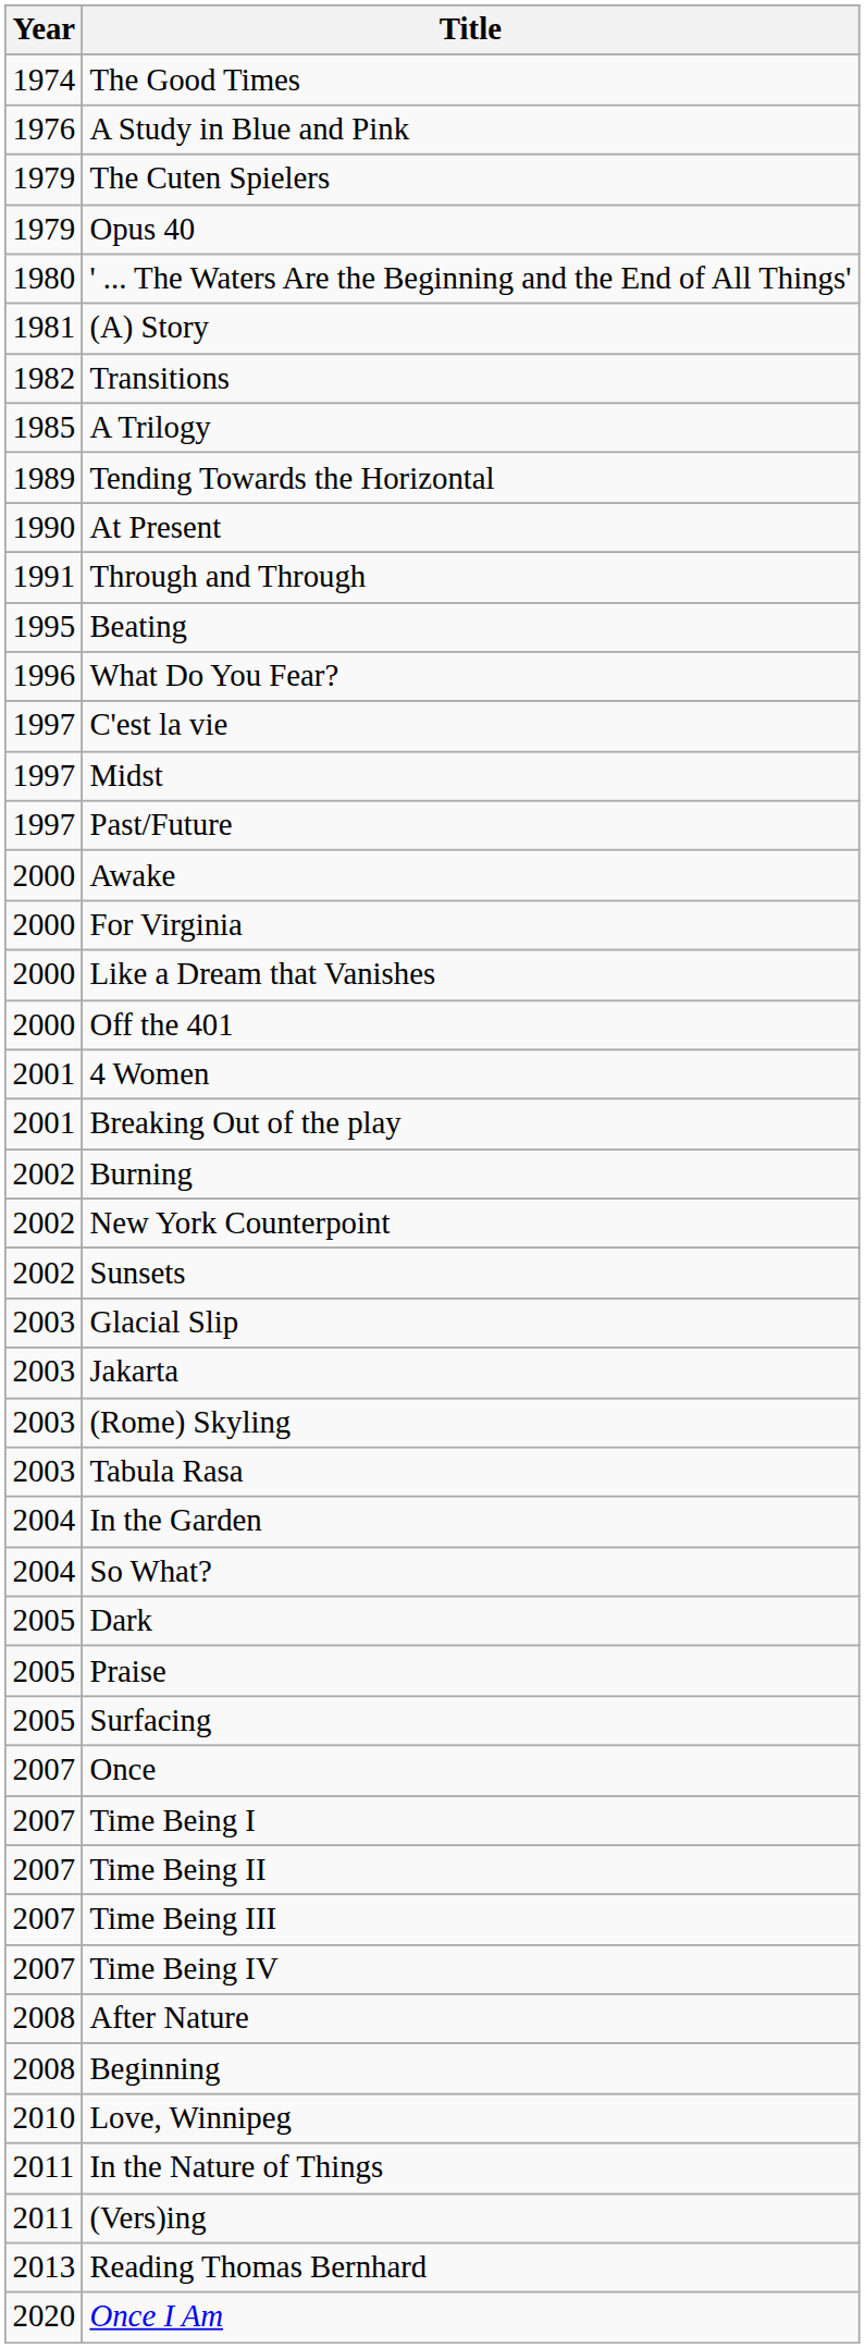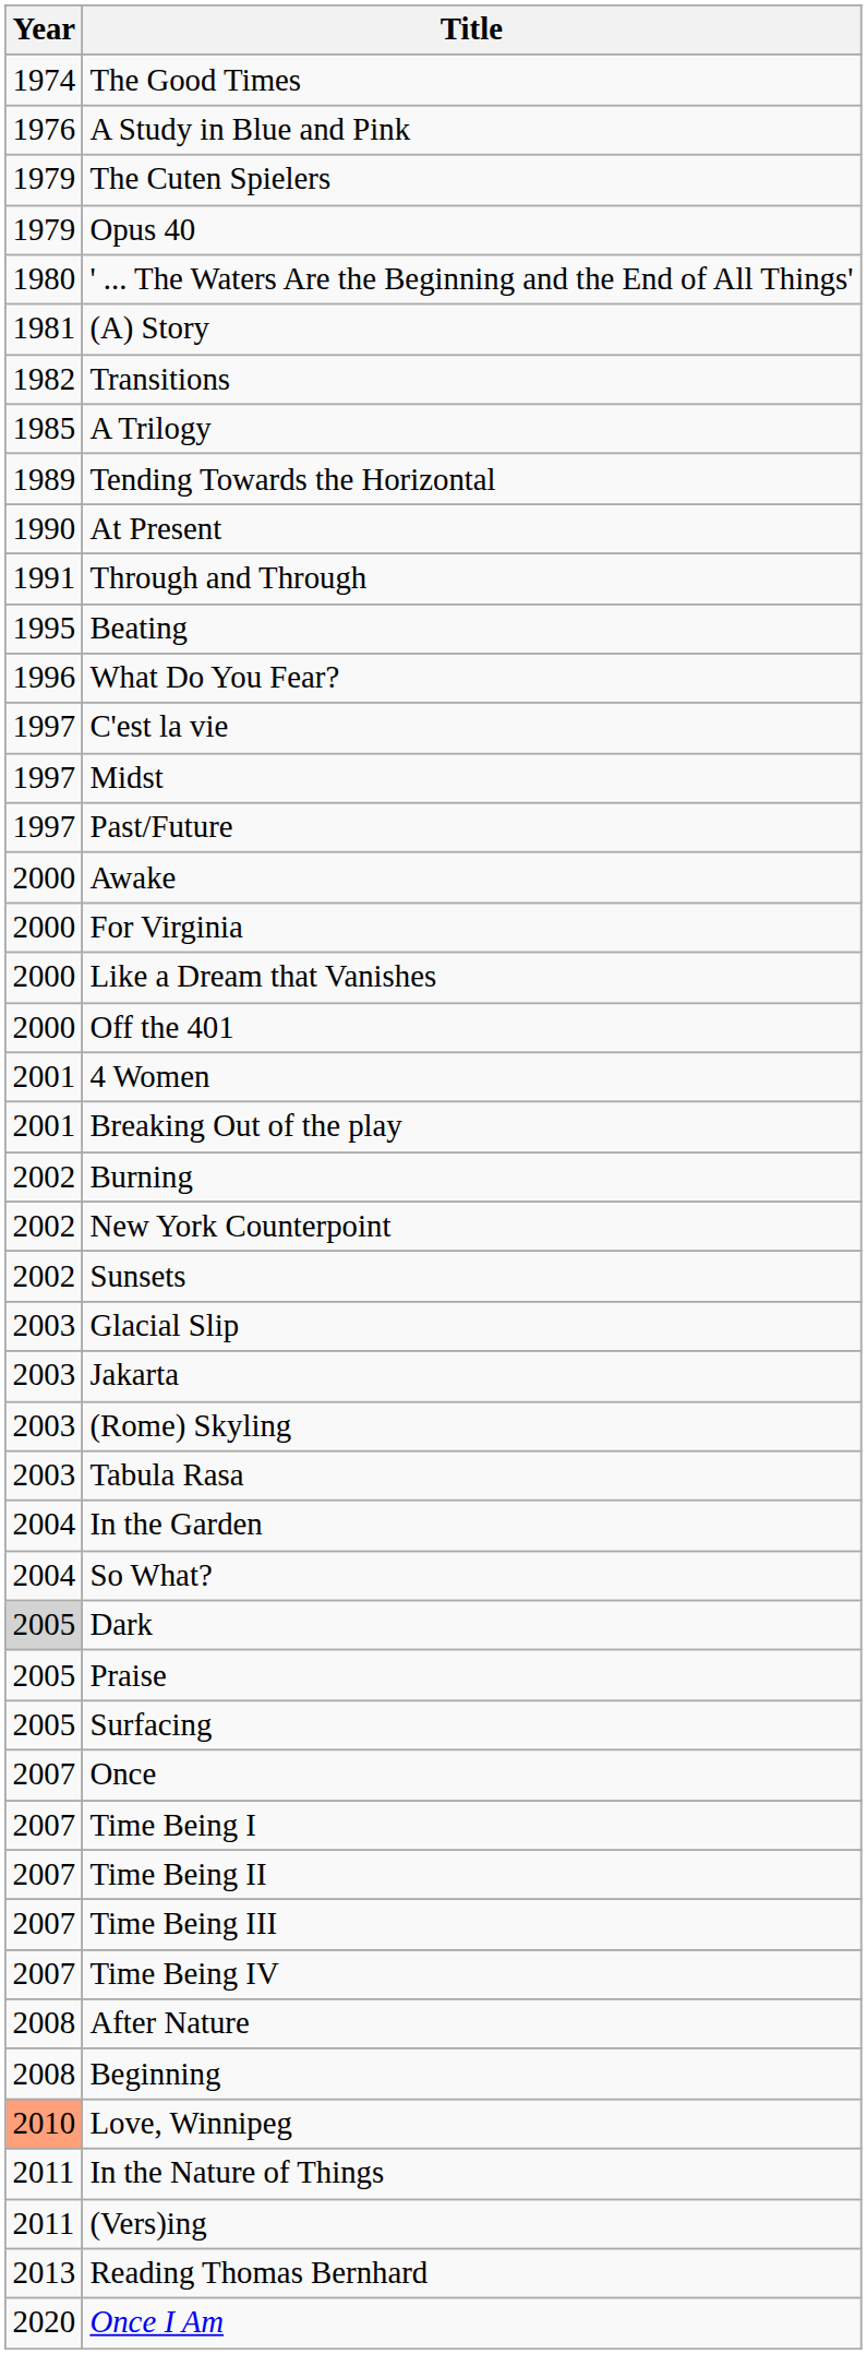 <table class="wikitable">
 <tr>
 <th>Year</th>
 <th>Title</th>
 </tr>
 <tr>
 <td>1974</td>
 <td>The Good Times</td>
 </tr>
 <tr>
 <td>1976</td>
 <td>A Study in Blue and Pink</td>
 </tr>
 <tr>
 <td>1979</td>
 <td>The Cuten Spielers</td>
 </tr>
 <tr>
 <td>1979</td>
 <td>Opus 40</td>
 </tr>
 <tr>
 <td>1980</td>
 <td>' ... The Waters Are the Beginning and the End of All Things'</td>
 </tr>
 <tr>
 <td>1981</td>
 <td>(A) Story</td>
 </tr>
 <tr>
 <td>1982</td>
 <td>Transitions</td>
 </tr>
 <tr>
 <td>1985</td>
 <td>A Trilogy</td>
 </tr>
 <tr>
 <td>1989</td>
 <td>Tending Towards the Horizontal</td>
 </tr>
 <tr>
 <td>1990</td>
 <td>At Present</td>
 </tr>
 <tr>
 <td>1991</td>
 <td>Through and Through</td>
 </tr>
 <tr>
 <td>1995</td>
 <td>Beating</td>
 </tr>
 <tr>
 <td>1996</td>
 <td>What Do You Fear?</td>
 </tr>
 <tr>
 <td>1997</td>
 <td>C'est la vie</td>
 </tr>
 <tr>
 <td>1997</td>
 <td>Midst</td>
 </tr>
 <tr>
 <td>1997</td>
 <td>Past/Future</td>
 </tr>
 <tr>
 <td>2000</td>
 <td>Awake</td>
 </tr>
 <tr>
 <td>2000</td>
 <td>For Virginia</td>
 </tr>
 <tr>
 <td>2000</td>
 <td>Like a Dream that Vanishes</td>
 </tr>
 <tr>
 <td>2000</td>
 <td>Off the 401</td>
 </tr>
 <tr>
 <td>2001</td>
 <td>4 Women</td>
 </tr>
 <tr>
 <td>2001</td>
 <td>Breaking Out of the play</td>
 </tr>
 <tr>
 <td>2002</td>
 <td>Burning</td>
 </tr>
 <tr>
 <td>2002</td>
 <td>New York Counterpoint</td>
 </tr>
 <tr>
 <td>2002</td>
 <td>Sunsets</td>
 </tr>
 <tr>
 <td>2003</td>
 <td>Glacial Slip</td>
 </tr>
 <tr>
 <td>2003</td>
 <td>Jakarta</td>
 </tr>
 <tr>
 <td>2003</td>
 <td>(Rome) Skyling</td>
 </tr>
 <tr>
 <td>2003</td>
 <td>Tabula Rasa</td>
 </tr>
 <tr>
 <td>2004</td>
 <td>In the Garden</td>
 </tr>
 <tr>
 <td>2004</td>
 <td>So What?</td>
 </tr>
 <tr>
-<td>2005</td>
+<td style="background: lightgrey;">2005</td>
 <td>Dark</td>
 </tr>
 <tr>
 <td>2005</td>
 <td>Praise</td>
 </tr>
 <tr>
 <td>2005</td>
 <td>Surfacing</td>
 </tr>
 <tr>
 <td>2007</td>
 <td>Once</td>
 </tr>
 <tr>
 <td>2007</td>
 <td>Time Being I</td>
 </tr>
 <tr>
 <td>2007</td>
 <td>Time Being II</td>
 </tr>
 <tr>
 <td>2007</td>
 <td>Time Being III</td>
 </tr>
 <tr>
 <td>2007</td>
 <td>Time Being IV</td>
 </tr>
 <tr>
 <td>2008</td>
 <td>After Nature</td>
 </tr>
 <tr>
 <td>2008</td>
 <td>Beginning</td>
 </tr>
 <tr>
-<td>2010</td>
+<td style="background: lightsalmon;">2010</td>
 <td>Love, Winnipeg</td>
 </tr>
 <tr>
 <td>2011</td>
 <td>In the Nature of Things</td>
 </tr>
 <tr>
 <td>2011</td>
 <td>(Vers)ing</td>
 </tr>
 <tr>
 <td>2013</td>
 <td>Reading Thomas Bernhard</td>
 </tr>
 <tr>
 <td>2020</td>
 <td><em><a href='#'>Once I Am</a></em></td>
 </tr>
 </table>
